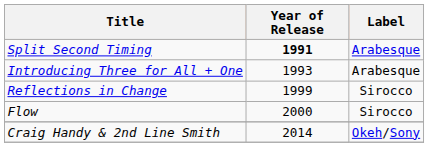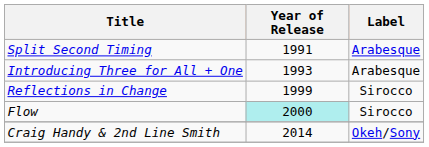 <table class="wikitable sortable">
 <tr style="background:#f96;">
 <th align=left>Title</th>
 <th width=100>Year of Release</th>
 <th>Label</th>
 </tr>
 <tr align=center>
 <td align=left><em><a href='#'>Split Second Timing</a></em></td>
-<td><strong>1991</strong></td>
+<td>1991</td>
 <td align=center><a href='#'>Arabesque</a></td>
 </tr>
 <tr align=center	        ||>
 <td align=left><em><a href='#'>Introducing Three for All + One</a></em></td>
 <td>1993</td>
 <td align=center>Arabesque</td>
 </tr>
 <tr align=center	        ||>
 <td align=left><em><a href='#'>Reflections in Change</a></em></td>
 <td>1999</td>
 <td align=center>Sirocco</td>
 </tr>
 <tr align=center	       ||>
 <td align=left><em>Flow</em></td>
-<td>2000</td>
+<td style="background: paleturquoise;">2000</td>
 <td align=center>Sirocco</td>
 </tr>
 <tr align=center	        ||>
 </tr>
 <tr align=center	      ||>
 <td align=left><em>Craig Handy & 2nd Line Smith</em></td>
 <td>2014</td>
 <td align=center><a href='#'>Okeh</a>/<a href='#'>Sony</a></td>
 </tr>
 <tr align=center	       ||>
 </tr>
 </table>
